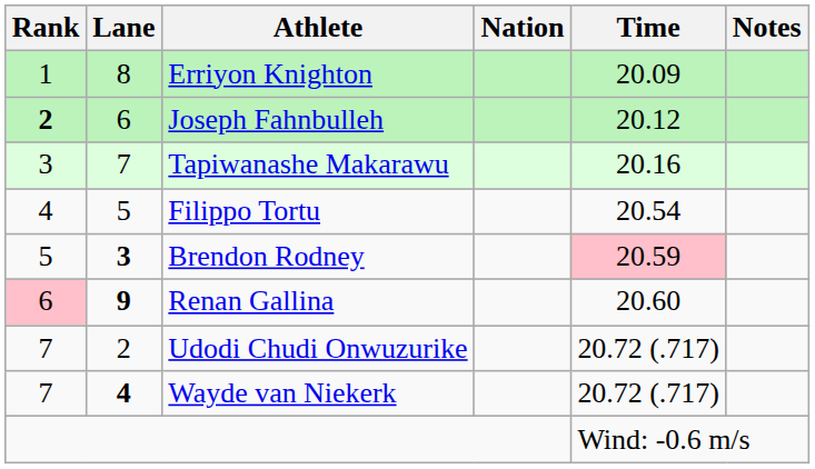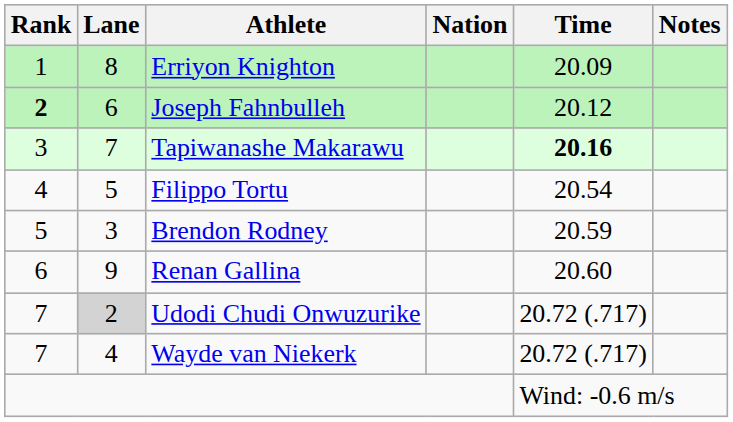 <table class="wikitable sortable" style="text-align:center;">
 <tr>
 <th>Rank</th>
 <th>Lane</th>
 <th>Athlete</th>
 <th>Nation</th>
 <th>Time</th>
 <th>Notes</th>
 </tr>
 <tr bgcolor=bbf3bb>
 <td>1</td>
 <td>8</td>
 <td align=left><a href='#'>Erriyon Knighton</a></td>
 <td align=left></td>
 <td>20.09</td>
 <td></td>
 </tr>
 <tr bgcolor=bbf3bb>
 <td><strong>2</strong></td>
 <td>6</td>
 <td align=left><a href='#'>Joseph Fahnbulleh</a></td>
 <td align=left></td>
 <td>20.12</td>
 <td></td>
 </tr>
 <tr bgcolor=ddffdd>
 <td>3</td>
 <td>7</td>
 <td align=left><a href='#'>Tapiwanashe Makarawu</a></td>
 <td align=left></td>
-<td>20.16</td>
+<td><strong>20.16</strong></td>
 <td></td>
 </tr>
 <tr>
 <td>4</td>
 <td>5</td>
 <td align=left><a href='#'>Filippo Tortu</a></td>
 <td align=left></td>
 <td>20.54</td>
 <td></td>
 </tr>
 <tr>
 <td>5</td>
-<td><strong>3</strong></td>
+<td>3</td>
 <td align=left><a href='#'>Brendon Rodney</a></td>
 <td align=left></td>
-<td style="background: pink;">20.59</td>
+<td>20.59</td>
 <td></td>
 </tr>
 <tr>
-<td style="background: pink;">6</td>
-<td><strong>9</strong></td>
+<td>6</td>
+<td>9</td>
 <td align=left><a href='#'>Renan Gallina</a></td>
 <td align=left></td>
 <td>20.60</td>
 <td></td>
 </tr>
 <tr>
 <td>7</td>
-<td>2</td>
+<td style="background: lightgrey;">2</td>
 <td align=left><a href='#'>Udodi Chudi Onwuzurike</a></td>
 <td align=left></td>
 <td>20.72 (.717)</td>
 <td></td>
 </tr>
 <tr>
 <td>7</td>
-<td><strong>4</strong></td>
+<td>4</td>
 <td align=left><a href='#'>Wayde van Niekerk</a></td>
 <td align=left></td>
 <td>20.72 (.717)</td>
 <td></td>
 </tr>
 <tr class="sortbottom">
 <td colspan="4"></td>
 <td colspan="2" style="text-align:left;">Wind: -0.6 m/s</td>
 </tr>
 </table>
